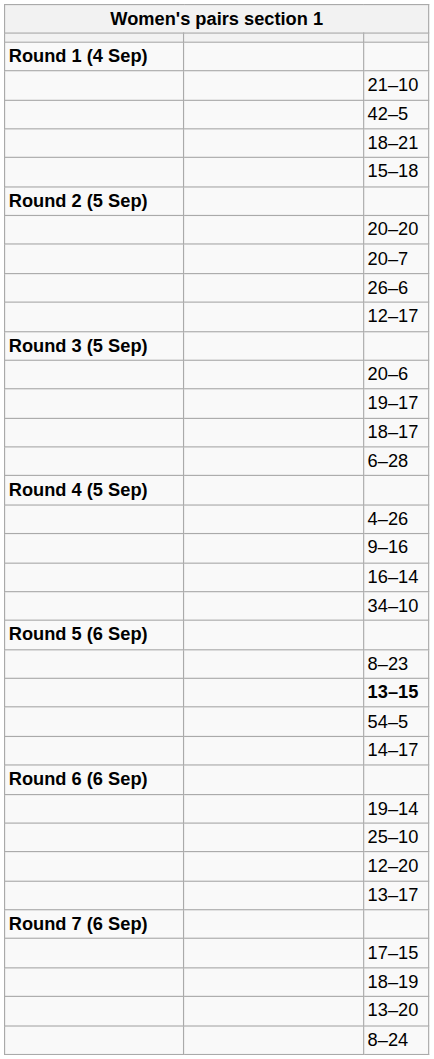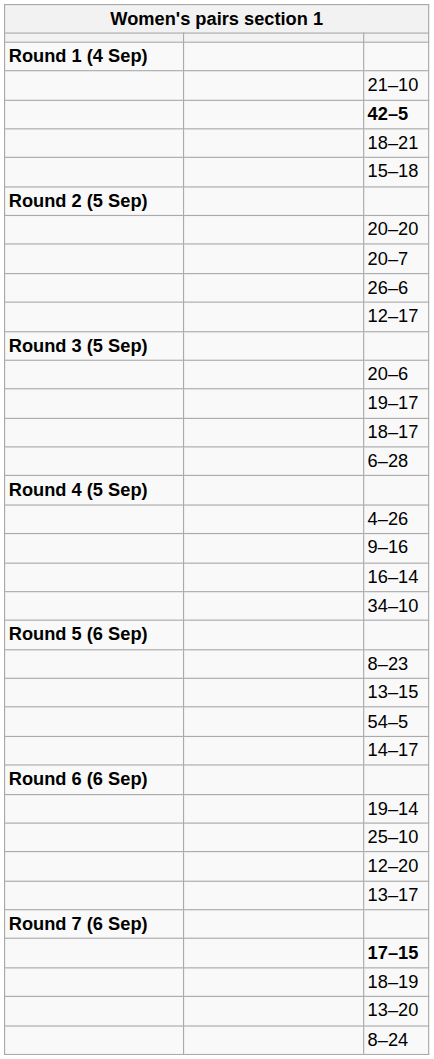 <table class="wikitable">
 <tr>
 <th colspan="3">Women's pairs section 1</th>
 </tr>
 <tr>
 <th width=150></th>
 <th width=150></th>
 <th width=50></th>
 </tr>
 <tr>
 <td><strong>Round 1 (4 Sep)</strong></td>
 <td></td>
 <td></td>
 </tr>
 <tr>
 <td></td>
 <td></td>
 <td>21–10</td>
 </tr>
 <tr>
 <td></td>
 <td></td>
-<td>42–5</td>
+<td><strong>42–5</strong></td>
 </tr>
 <tr>
 <td></td>
 <td></td>
 <td>18–21</td>
 </tr>
 <tr>
 <td></td>
 <td></td>
 <td>15–18</td>
 </tr>
 <tr>
 <td><strong>Round 2 (5 Sep)</strong></td>
 <td></td>
 <td></td>
 </tr>
 <tr>
 <td></td>
 <td></td>
 <td>20–20</td>
 </tr>
 <tr>
 <td></td>
 <td></td>
 <td>20–7</td>
 </tr>
 <tr>
 <td></td>
 <td></td>
 <td>26–6</td>
 </tr>
 <tr>
 <td></td>
 <td></td>
 <td>12–17</td>
 </tr>
 <tr>
 <td><strong>Round 3 (5 Sep)</strong></td>
 <td></td>
 <td></td>
 </tr>
 <tr>
 <td></td>
 <td></td>
 <td>20–6</td>
 </tr>
 <tr>
 <td></td>
 <td></td>
 <td>19–17</td>
 </tr>
 <tr>
 <td></td>
 <td></td>
 <td>18–17</td>
 </tr>
 <tr>
 <td></td>
 <td></td>
 <td>6–28</td>
 </tr>
 <tr>
 <td><strong>Round 4 (5 Sep)</strong></td>
 <td></td>
 <td></td>
 </tr>
 <tr>
 <td></td>
 <td></td>
 <td>4–26</td>
 </tr>
 <tr>
 <td></td>
 <td></td>
 <td>9–16</td>
 </tr>
 <tr>
 <td></td>
 <td></td>
 <td>16–14</td>
 </tr>
 <tr>
 <td></td>
 <td></td>
 <td>34–10</td>
 </tr>
 <tr>
 <td><strong>Round 5 (6 Sep)</strong></td>
 <td></td>
 <td></td>
 </tr>
 <tr>
 <td></td>
 <td></td>
 <td>8–23</td>
 </tr>
 <tr>
 <td></td>
 <td></td>
-<td><strong>13–15</strong></td>
+<td>13–15</td>
 </tr>
 <tr>
 <td></td>
 <td></td>
 <td>54–5</td>
 </tr>
 <tr>
 <td></td>
 <td></td>
 <td>14–17</td>
 </tr>
 <tr>
 <td><strong>Round 6  (6 Sep)</strong></td>
 <td></td>
 <td></td>
 </tr>
 <tr>
 <td></td>
 <td></td>
 <td>19–14</td>
 </tr>
 <tr>
 <td></td>
 <td></td>
 <td>25–10</td>
 </tr>
 <tr>
 <td></td>
 <td></td>
 <td>12–20</td>
 </tr>
 <tr>
 <td></td>
 <td></td>
 <td>13–17</td>
 </tr>
 <tr>
 <td><strong>Round 7 (6 Sep)</strong></td>
 <td></td>
 <td></td>
 </tr>
 <tr>
 <td></td>
 <td></td>
-<td>17–15</td>
+<td><strong>17–15</strong></td>
 </tr>
 <tr>
 <td></td>
 <td></td>
 <td>18–19</td>
 </tr>
 <tr>
 <td></td>
 <td></td>
 <td>13–20</td>
 </tr>
 <tr>
 <td></td>
 <td></td>
 <td>8–24</td>
 </tr>
 </table>
